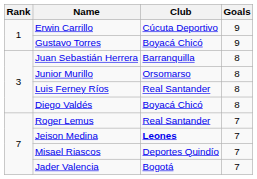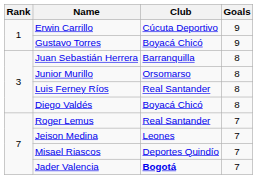 <table class="wikitable" border="1">
 <tr>
 <th>Rank</th>
 <th>Name</th>
 <th>Club</th>
 <th>Goals</th>
 </tr>
 <tr>
 <td rowspan=2 align=center>1</td>
 <td> <a href='#'>Erwin Carrillo</a></td>
 <td><a href='#'>Cúcuta Deportivo</a></td>
 <td align=center>9</td>
 </tr>
 <tr>
 <td> <a href='#'>Gustavo Torres</a></td>
 <td><a href='#'>Boyacá Chicó</a></td>
 <td align=center>9</td>
 </tr>
 <tr>
 <td rowspan=4 align=center>3</td>
 <td> <a href='#'>Juan Sebastián Herrera</a></td>
 <td><a href='#'>Barranquilla</a></td>
 <td align=center>8</td>
 </tr>
 <tr>
 <td> <a href='#'>Junior Murillo</a></td>
 <td><a href='#'>Orsomarso</a></td>
 <td align=center>8</td>
 </tr>
 <tr>
 <td> <a href='#'>Luis Ferney Ríos</a></td>
 <td><a href='#'>Real Santander</a></td>
 <td align=center>8</td>
 </tr>
 <tr>
 <td> <a href='#'>Diego Valdés</a></td>
 <td><a href='#'>Boyacá Chicó</a></td>
 <td align=center>8</td>
 </tr>
 <tr>
 <td rowspan=4 align=center>7</td>
 <td> <a href='#'>Roger Lemus</a></td>
 <td><a href='#'>Real Santander</a></td>
 <td align=center>7</td>
 </tr>
 <tr>
 <td> <a href='#'>Jeison Medina</a></td>
-<td><strong><a href='#'>Leones</a></strong></td>
+<td><a href='#'>Leones</a></td>
 <td align=center>7</td>
 </tr>
 <tr>
 <td> <a href='#'>Misael Riascos</a></td>
 <td><a href='#'>Deportes Quindío</a></td>
 <td align=center>7</td>
 </tr>
 <tr>
 <td> <a href='#'>Jader Valencia</a></td>
-<td><a href='#'>Bogotá</a></td>
+<td><strong><a href='#'>Bogotá</a></strong></td>
 <td align=center>7</td>
 </tr>
 </table>
